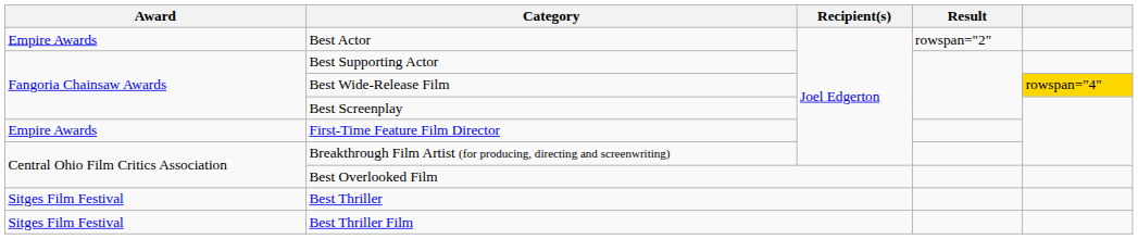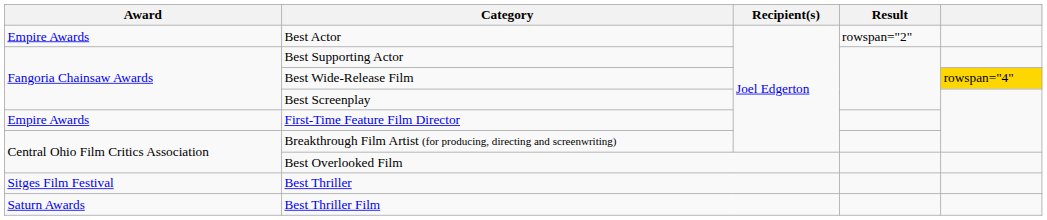 <table class="wikitable sortable" style="width: 99%;">
 <tr>
 <th scope="col">Award</th>
 <th scope="col">Category</th>
 <th scope="col">Recipient(s)</th>
 <th scope="col">Result</th>
 <th scope="col" class="unsortable"></th>
 </tr>
 <tr>
 <td><a href='#'>Empire Awards</a></td>
 <td>Best Actor</td>
 <td rowspan="6"><a href='#'>Joel Edgerton</a></td>
 <td>rowspan="2" </td>
 <td></td>
 </tr>
 <tr>
 <td rowspan="3"><a href='#'>Fangoria Chainsaw Awards</a></td>
 <td>Best Supporting Actor</td>
 <td rowspan="3"></td>
 </tr>
 <tr>
 <td>Best Wide-Release Film</td>
 <td style="background: gold;">rowspan="4" </td>
 </tr>
 <tr>
 <td>Best Screenplay</td>
 </tr>
 <tr>
 <td><a href='#'>Empire Awards</a></td>
 <td><a href='#'>First-Time Feature Film Director</a></td>
 <td></td>
 </tr>
 <tr>
 <td rowspan="2">Central Ohio Film Critics Association</td>
 <td>Breakthrough Film Artist <small>(for producing, directing and screenwriting)</small></td>
 <td></td>
 </tr>
 <tr>
 <td colspan=2>Best Overlooked Film</td>
 <td></td>
 <td></td>
 </tr>
 <tr>
 <td><a href='#'>Sitges Film Festival</a></td>
 <td colspan=2><a href='#'>Best Thriller</a></td>
 <td></td>
 <td></td>
 </tr>
 <tr>
-<td><a href='#'>Sitges Film Festival</a></td>
+<td><a href='#'>Saturn Awards</a></td>
 <td colspan=2><a href='#'>Best Thriller Film</a></td>
 <td></td>
 <td></td>
 </tr>
 </table>
